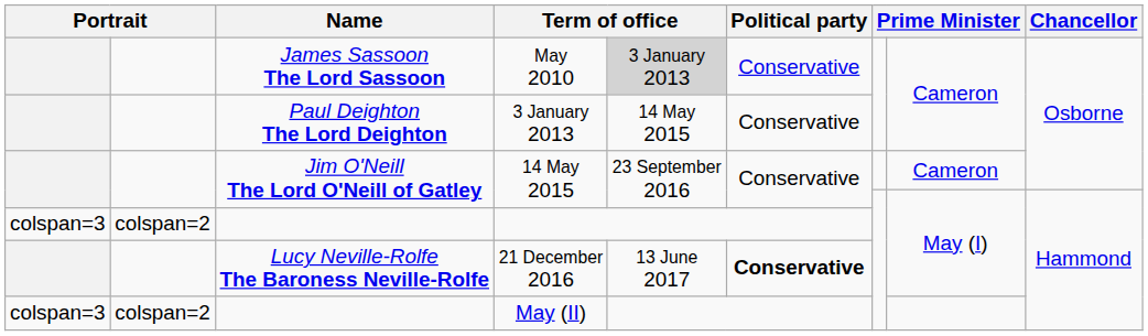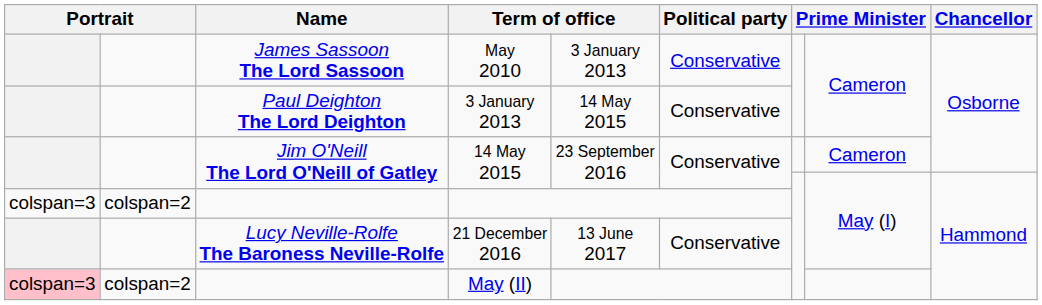 <table class="wikitable" style="text-align:Center">
 <tr>
 <th colspan="2">Portrait</th>
 <th>Name</th>
 <th colspan="2">Term of office</th>
 <th>Political party</th>
 <th colspan="2"><a href='#'>Prime Minister</a></th>
 <th><a href='#'>Chancellor</a></th>
 </tr>
 <tr>
 <th style="background-color: "></th>
 <td></td>
 <td><a href='#'><em>James Sassoon</em><br><strong>The Lord Sassoon</strong></a></td>
 <td><small>May</small><br>2010</td>
-<td style="background: lightgrey;"><small>3 January</small><br>2013</td>
+<td><small>3 January</small><br>2013</td>
 <td><a href='#'>Conservative</a></td>
 <td rowspan="2" style="background-color: "></td>
 <td rowspan="2"><a href='#'>Cameron</a><br></td>
 <td rowspan="3"><a href='#'>Osborne</a></td>
 </tr>
 <tr>
 <th style="background-color: "></th>
 <td></td>
 <td><a href='#'><em>Paul Deighton</em><br><strong>The Lord Deighton</strong></a></td>
 <td><small>3 January</small><br>2013</td>
 <td><small>14 May</small><br>2015</td>
 <td>Conservative</td>
 </tr>
 <tr style="height: 30px">
 <th rowspan="2" style="background-color: "></th>
 <td rowspan="2"></td>
 <td rowspan="2"><a href='#'><em>Jim O'Neill</em><br><strong>The Lord O'Neill of Gatley</strong></a></td>
 <td rowspan="2"><small>14 May</small><br>2015</td>
 <td rowspan="2"><small>23 September</small><br>2016</td>
 <td rowspan="2">Conservative</td>
 <td style="background-color: "></td>
 <td><a href='#'>Cameron</a><br></td>
 </tr>
 <tr>
 <td rowspan="4" style="background-color: "></td>
 <td rowspan="3"><a href='#'>May</a> (<a href='#'>I</a>)</td>
 <td rowspan="4"><a href='#'>Hammond</a></td>
 </tr>
 <tr>
 <td>colspan=3 </td>
 <td>colspan=2 </td>
 <td></td>
 </tr>
 <tr>
 <th style="background-color: "></th>
 <td></td>
 <td><a href='#'><em>Lucy Neville-Rolfe</em><br><strong>The Baroness Neville-Rolfe</strong></a></td>
 <td><small>21 December</small><br>2016</td>
 <td><small>13 June</small><br>2017</td>
-<td><strong>Conservative</strong></td>
+<td>Conservative</td>
 </tr>
 <tr>
-<td>colspan=3 </td>
+<td style="background: pink;">colspan=3 </td>
 <td>colspan=2 </td>
 <td></td>
 <td><a href='#'>May</a> (<a href='#'>II</a>)</td>
 </tr>
 </table>
